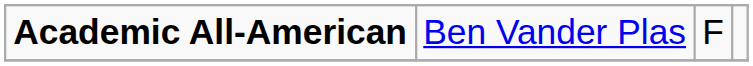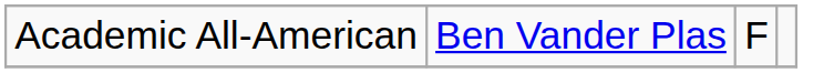 <table class="wikitable sortable" border="1">
 <tr align=center>
 </tr>
 <tr align="center">
-<td><strong>Academic All-American</strong></td>
+<td>Academic All-American</td>
 <td><a href='#'>Ben Vander Plas</a></td>
 <td>F</td>
 <td></td>
 </tr>
 <tr>
 </tr>
 </table>
